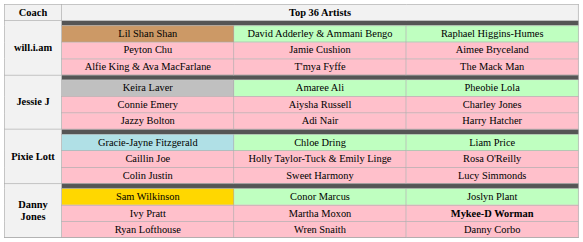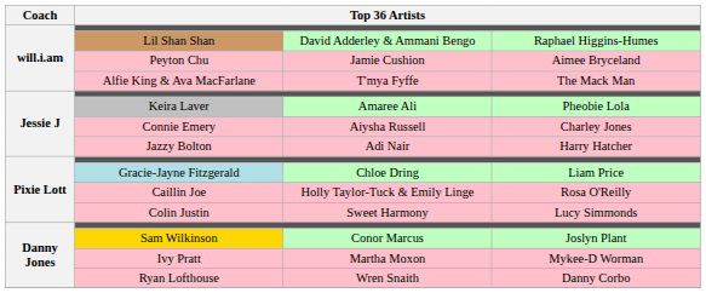 <table class="wikitable" style="text-align:center; width:100%;">
 <tr>
 <th scope="col" style="width:10%;">Coach</th>
 <th scope="col" colspan="6" style="width:90%;">Top 36 Artists</th>
 </tr>
 <tr>
 <th scope="row" rowspan="4">will.i.am</th>
 <td colspan="6" style="background:#555;"></td>
 </tr>
 <tr>
 <td style="background:#c96; width:30%;">Lil Shan Shan</td>
 <td style="background:#BFFFC0; width:30%;">David Adderley & Ammani Bengo</td>
 <td style="background:#BFFFC0; width:30%;">Raphael Higgins-Humes</td>
 </tr>
 <tr>
 <td style="background:pink;">Peyton Chu</td>
 <td style="background:pink;">Jamie Cushion</td>
 <td style="background:pink;">Aimee Bryceland</td>
 </tr>
 <tr>
 <td style="background:pink;">Alfie King & Ava MacFarlane</td>
 <td style="background:pink;">T'mya Fyffe</td>
 <td style="background:pink;">The Mack Man</td>
 </tr>
 <tr>
 <th scope="row" rowspan="4">Jessie J</th>
 <td colspan="6" style="background:#555;"></td>
 </tr>
 <tr>
 <td style="background:#C0C0C0;">Keira Laver</td>
 <td style="background:#BFFFC0">Amaree Ali</td>
 <td style="background:#BFFFC0">Pheobie Lola</td>
 </tr>
 <tr>
 <td style="background:pink;">Connie Emery</td>
 <td style="background:pink;">Aiysha Russell</td>
 <td style="background:pink;">Charley Jones</td>
 </tr>
 <tr>
 <td style="background:pink;">Jazzy Bolton</td>
 <td style="background:pink;">Adi Nair</td>
 <td style="background:pink;">Harry Hatcher</td>
 </tr>
 <tr>
 <th scope="row" rowspan="4">Pixie Lott</th>
 <td colspan="6" style="background:#555;"></td>
 </tr>
 <tr>
 <td style="background:#B0E0E6;">Gracie-Jayne Fitzgerald</td>
 <td style="background:#BFFFC0">Chloe Dring</td>
 <td style="background:#BFFFC0">Liam Price</td>
 </tr>
 <tr>
 <td style="background:pink;">Caillin Joe</td>
 <td style="background:pink;">Holly Taylor-Tuck & Emily Linge</td>
 <td style="background:pink;">Rosa O'Reilly</td>
 </tr>
 <tr>
 <td style="background:pink;">Colin Justin</td>
 <td style="background:pink;">Sweet Harmony</td>
 <td style="background:pink;">Lucy Simmonds</td>
 </tr>
 <tr>
 <th scope="row" rowspan="4">Danny Jones</th>
 <td colspan="6" style="background:#555;"></td>
 </tr>
 <tr>
 <td style="background:#FFD700;">Sam Wilkinson</td>
 <td style="background:#BFFFC0">Conor Marcus</td>
 <td style="background:#BFFFC0">Joslyn Plant</td>
 </tr>
 <tr>
 <td style="background:pink;">Ivy Pratt</td>
 <td style="background:pink;">Martha Moxon</td>
-<td style="background:pink;"><strong>Mykee-D Worman</strong></td>
+<td style="background:pink;">Mykee-D Worman</td>
 </tr>
 <tr>
 <td style="background:pink;">Ryan Lofthouse</td>
 <td style="background:pink;">Wren Snaith</td>
 <td style="background:pink;">Danny Corbo</td>
 </tr>
 <tr>
 </tr>
 </table>
